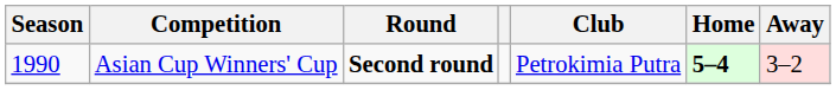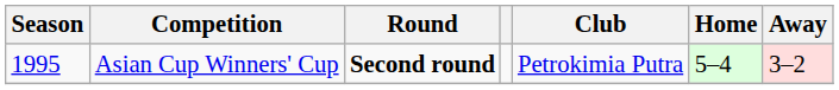 <table class="wikitable">
 <tr>
 <th>Season</th>
 <th>Competition</th>
 <th>Round</th>
 <th></th>
 <th>Club</th>
 <th>Home</th>
 <th>Away</th>
 </tr>
 <tr>
-<td><a href='#'>1990</a></td>
+<td><a href='#'>1995</a></td>
 <td><a href='#'>Asian Cup Winners' Cup</a></td>
 <td><strong>Second round</strong></td>
 <td></td>
 <td><a href='#'>Petrokimia Putra</a></td>
-<td style="background:#dfd;"><strong>5–4</strong></td>
+<td style="background:#dfd;">5–4</td>
 <td style="background:#fdd;">3–2</td>
 </tr>
 <tr>
 </tr>
 </table>
